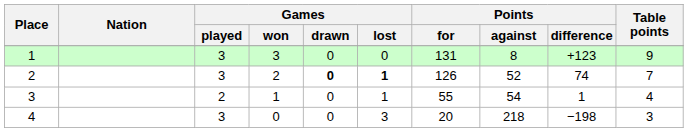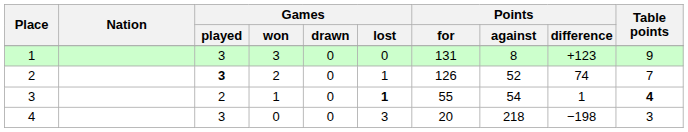 <table class="wikitable">
 <tr>
 <th rowspan=2 width="8%">Place</th>
 <th rowspan=2 width="20%">Nation</th>
 <th colspan=4 width="32%">Games</th>
 <th colspan=3 width="30%">Points</th>
 <th rowspan=2 width="10%">Table<br>points</th>
 </tr>
 <tr>
 <th width="8%">played</th>
 <th width="8%">won</th>
 <th width="8%">drawn</th>
 <th width="8%">lost</th>
 <th width="10%">for</th>
 <th width="10%">against</th>
 <th width="10%">difference</th>
 </tr>
 <tr>
 </tr>
 <tr bgcolor=#ccffcc align=center>
 <td>1</td>
 <td align=left></td>
 <td>3</td>
 <td>3</td>
 <td>0</td>
 <td>0</td>
 <td>131</td>
 <td>8</td>
 <td>+123</td>
 <td>9</td>
 </tr>
 <tr bgcolor=#ffffff align=center>
 <td>2</td>
 <td align=left></td>
-<td>3</td>
+<td><strong>3</strong></td>
 <td>2</td>
-<td><strong>0</strong></td>
-<td><strong>1</strong></td>
+<td>0</td>
+<td>1</td>
 <td>126</td>
 <td>52</td>
 <td>74</td>
 <td>7</td>
 </tr>
 <tr bgcolor=#ffffff align=center>
 <td>3</td>
 <td align=left></td>
 <td>2</td>
 <td>1</td>
 <td>0</td>
-<td>1</td>
+<td><strong>1</strong></td>
 <td>55</td>
 <td>54</td>
 <td>1</td>
-<td>4</td>
+<td><strong>4</strong></td>
 </tr>
 <tr bgcolor=#ffffff align=center>
 <td>4</td>
 <td align=left></td>
 <td>3</td>
 <td>0</td>
 <td>0</td>
 <td>3</td>
 <td>20</td>
 <td>218</td>
 <td>−198</td>
 <td>3</td>
 </tr>
 </table>
